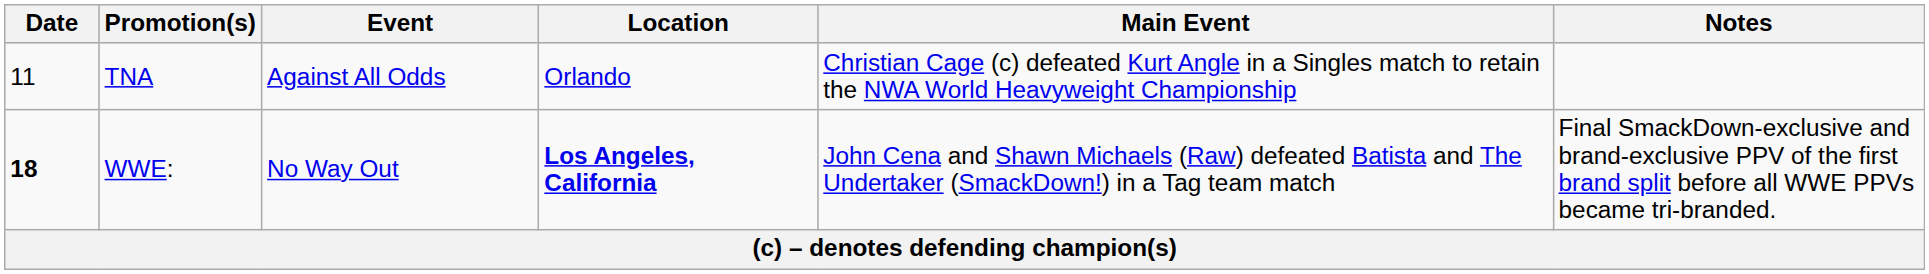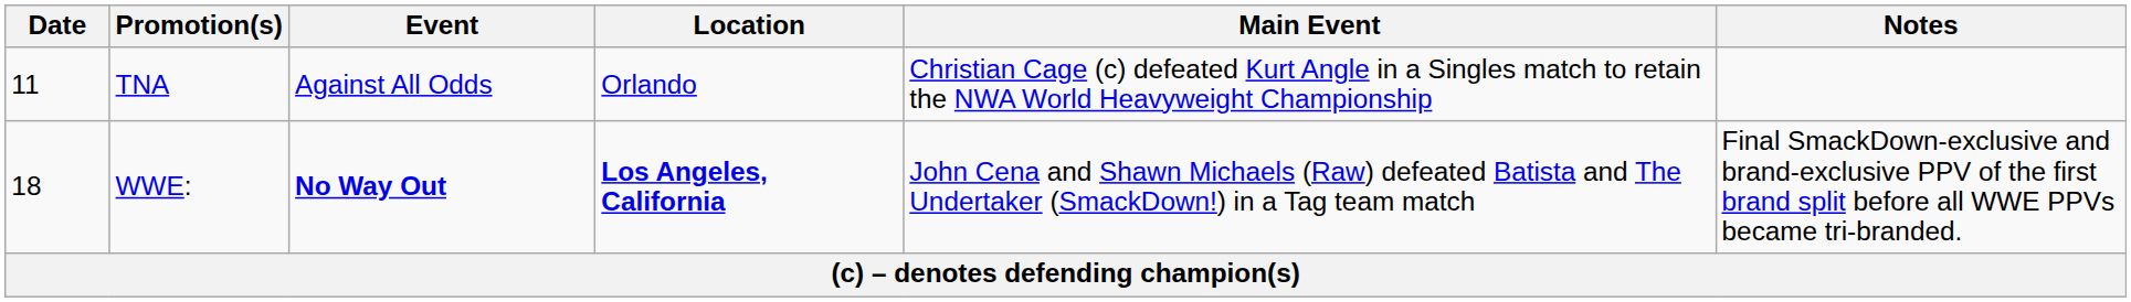 <table class="wikitable" style="width:100%;">
 <tr>
 <th width=5%>Date</th>
 <th width=5%>Promotion(s)</th>
 <th width=15%>Event</th>
 <th width=15%>Location</th>
 <th width=40%>Main Event</th>
 <th width=20%>Notes</th>
 </tr>
 <tr>
 <td>11</td>
 <td><a href='#'>TNA</a></td>
 <td><a href='#'>Against All Odds</a></td>
 <td><a href='#'>Orlando</a></td>
 <td><a href='#'>Christian Cage</a> (c) defeated <a href='#'>Kurt Angle</a> in a Singles match to retain the <a href='#'>NWA World Heavyweight Championship</a></td>
 <td></td>
 </tr>
 <tr>
-<td><strong>18</strong></td>
+<td>18</td>
 <td><a href='#'>WWE</a>:<br></td>
-<td><a href='#'>No Way Out</a></td>
+<td><strong><a href='#'>No Way Out</a></strong></td>
 <td><strong><a href='#'>Los Angeles, California</a></strong></td>
 <td><a href='#'>John Cena</a> and <a href='#'>Shawn Michaels</a> (<a href='#'>Raw</a>) defeated <a href='#'>Batista</a> and <a href='#'>The Undertaker</a> (<a href='#'>SmackDown!</a>) in a Tag team match</td>
 <td>Final SmackDown-exclusive and brand-exclusive PPV of the first <a href='#'>brand split</a> before all WWE PPVs became tri-branded.</td>
 </tr>
 <tr>
 <th colspan="6">(c) – denotes defending champion(s)</th>
 </tr>
 </table>
